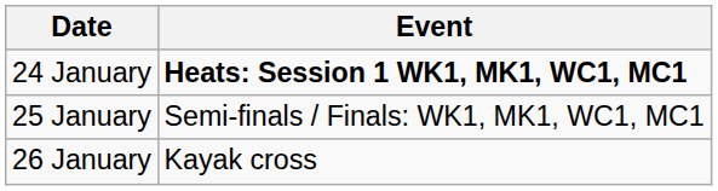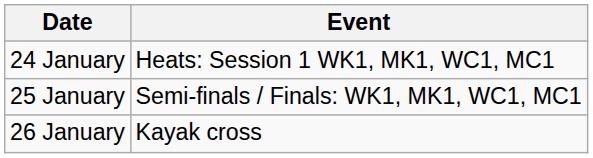 <table class=wikitable>
 <tr>
 <th>Date</th>
 <th>Event</th>
 </tr>
 <tr>
 <td>24 January</td>
-<td><strong>Heats: Session 1 WK1, MK1, WC1, MC1</strong></td>
+<td>Heats: Session 1 WK1, MK1, WC1, MC1</td>
 </tr>
 <tr>
 <td>25 January</td>
 <td>Semi-finals / Finals: WK1, MK1, WC1, MC1</td>
 </tr>
 <tr>
 <td>26 January</td>
 <td>Kayak cross</td>
 </tr>
 </table>
